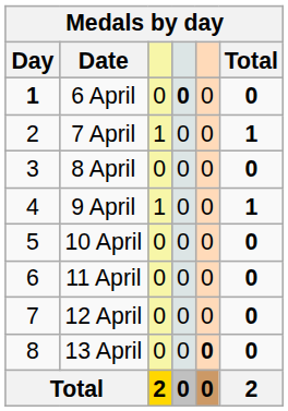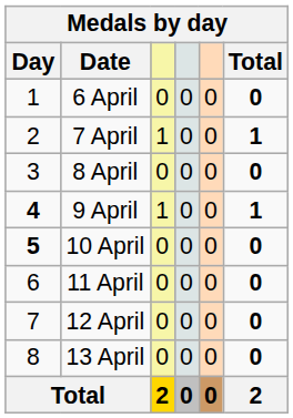 <table class=wikitable style=font-size:85%;float:right;text-align:center>
 <tr style="background:#efefef;">
 <th colspan=6>Medals by day</th>
 </tr>
 <tr>
 <th>Day</th>
 <th>Date</th>
 <td bgcolor=F7F6A8></td>
 <td bgcolor=DCE5E5></td>
 <td bgcolor=FFDAB9></td>
 <th>Total</th>
 </tr>
 <tr>
-<td><strong>1</strong></td>
+<td>1</td>
 <td>6 April</td>
 <td bgcolor=F7F6A8>0</td>
-<td bgcolor=DCE5E5><strong>0</strong></td>
+<td bgcolor=DCE5E5>0</td>
 <td bgcolor=FFDAB9>0</td>
 <td><strong>0</strong></td>
 </tr>
 <tr style="text-align:center">
 <td>2</td>
 <td>7 April</td>
 <td bgcolor=F7F6A8>1</td>
 <td bgcolor=DCE5E5>0</td>
 <td bgcolor=FFDAB9>0</td>
 <td><strong>1</strong></td>
 </tr>
 <tr style="text-align:center">
 <td>3</td>
 <td>8 April</td>
 <td bgcolor=F7F6A8>0</td>
 <td bgcolor=DCE5E5>0</td>
 <td bgcolor=FFDAB9>0</td>
 <td><strong>0</strong></td>
 </tr>
 <tr style="text-align:center">
-<td>4</td>
+<td><strong>4</strong></td>
 <td>9 April</td>
 <td bgcolor=F7F6A8>1</td>
 <td bgcolor=DCE5E5>0</td>
 <td bgcolor=FFDAB9>0</td>
 <td><strong>1</strong></td>
 </tr>
 <tr style="text-align:center">
-<td>5</td>
+<td><strong>5</strong></td>
 <td>10 April</td>
 <td bgcolor=F7F6A8>0</td>
 <td bgcolor=DCE5E5>0</td>
 <td bgcolor=FFDAB9>0</td>
 <td><strong>0</strong></td>
 </tr>
 <tr style="text-align:center">
 <td>6</td>
 <td>11 April</td>
 <td bgcolor=F7F6A8>0</td>
 <td bgcolor=DCE5E5>0</td>
 <td bgcolor=FFDAB9>0</td>
 <td><strong>0</strong></td>
 </tr>
 <tr style="text-align:center">
 <td>7</td>
 <td>12 April</td>
 <td bgcolor=F7F6A8>0</td>
 <td bgcolor=DCE5E5>0</td>
 <td bgcolor=FFDAB9>0</td>
 <td><strong>0</strong></td>
 </tr>
 <tr style="text-align:center">
 <td>8</td>
 <td>13 April</td>
 <td bgcolor=F7F6A8>0</td>
 <td bgcolor=DCE5E5>0</td>
-<td bgcolor=FFDAB9><strong>0</strong></td>
+<td bgcolor=FFDAB9>0</td>
 <td><strong>0</strong></td>
 </tr>
 <tr>
 <th colspan=2>Total</th>
 <th style="background:gold">2</th>
 <th style="background:silver">0</th>
 <th style="background:#c96">0</th>
 <th>2</th>
 </tr>
 </table>
